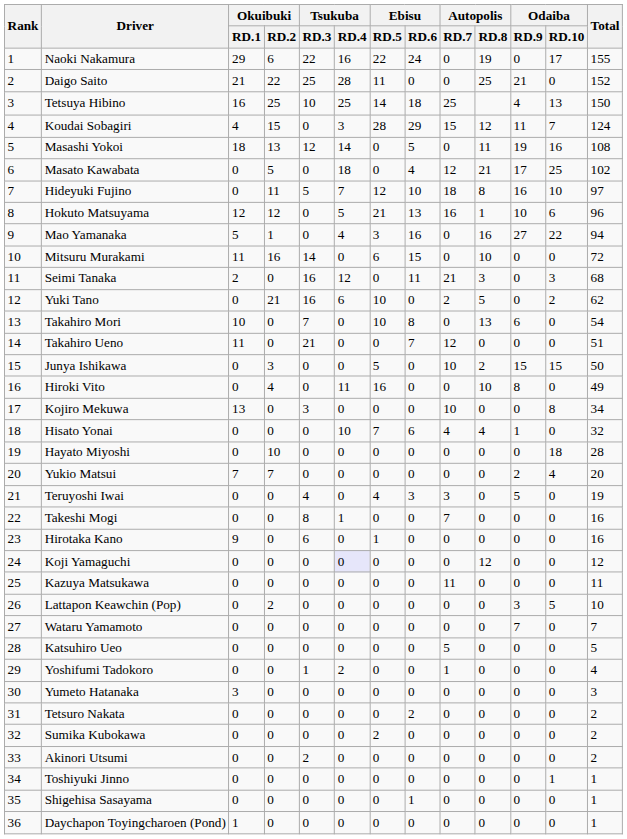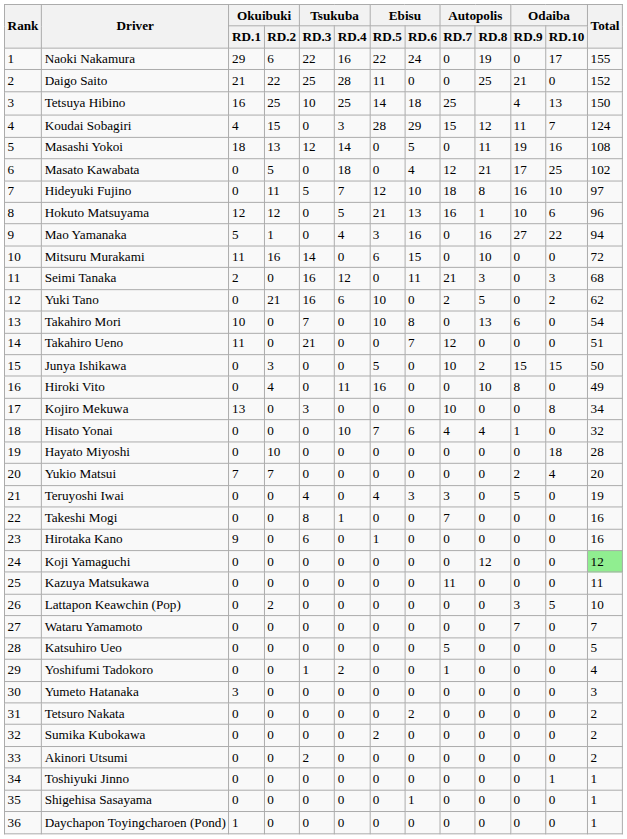 <table class="wikitable" style="font-size:85%">
 <tr>
 <th rowspan="2">Rank</th>
 <th rowspan="2">Driver</th>
 <th colspan="2">Okuibuki</th>
 <th colspan="2">Tsukuba</th>
 <th colspan="2">Ebisu</th>
 <th colspan="2">Autopolis</th>
 <th colspan="2">Odaiba</th>
 <th rowspan="2">Total</th>
 </tr>
 <tr>
 <th>RD.1</th>
 <th>RD.2</th>
 <th>RD.3</th>
 <th>RD.4</th>
 <th>RD.5</th>
 <th>RD.6</th>
 <th>RD.7</th>
 <th>RD.8</th>
 <th>RD.9</th>
 <th>RD.10</th>
 </tr>
 <tr>
 <td>1</td>
 <td>Naoki Nakamura</td>
 <td>29</td>
 <td>6</td>
 <td>22</td>
 <td>16</td>
 <td>22</td>
 <td>24</td>
 <td>0</td>
 <td>19</td>
 <td>0</td>
 <td>17</td>
 <td>155</td>
 </tr>
 <tr>
 <td>2</td>
 <td>Daigo Saito</td>
 <td>21</td>
 <td>22</td>
 <td>25</td>
 <td>28</td>
 <td>11</td>
 <td>0</td>
 <td>0</td>
 <td>25</td>
 <td>21</td>
 <td>0</td>
 <td>152</td>
 </tr>
 <tr>
 <td>3</td>
 <td>Tetsuya Hibino</td>
 <td>16</td>
 <td>25</td>
 <td>10</td>
 <td>25</td>
 <td>14</td>
 <td>18</td>
 <td>25</td>
 <td>　</td>
 <td>4</td>
 <td>13</td>
 <td>150</td>
 </tr>
 <tr>
 <td>4</td>
 <td>Koudai Sobagiri</td>
 <td>4</td>
 <td>15</td>
 <td>0</td>
 <td>3</td>
 <td>28</td>
 <td>29</td>
 <td>15</td>
 <td>12</td>
 <td>11</td>
 <td>7</td>
 <td>124</td>
 </tr>
 <tr>
 <td>5</td>
 <td>Masashi Yokoi</td>
 <td>18</td>
 <td>13</td>
 <td>12</td>
 <td>14</td>
 <td>0</td>
 <td>5</td>
 <td>0</td>
 <td>11</td>
 <td>19</td>
 <td>16</td>
 <td>108</td>
 </tr>
 <tr>
 <td>6</td>
 <td>Masato Kawabata</td>
 <td>0</td>
 <td>5</td>
 <td>0</td>
 <td>18</td>
 <td>0</td>
 <td>4</td>
 <td>12</td>
 <td>21</td>
 <td>17</td>
 <td>25</td>
 <td>102</td>
 </tr>
 <tr>
 <td>7</td>
 <td>Hideyuki Fujino</td>
 <td>0</td>
 <td>11</td>
 <td>5</td>
 <td>7</td>
 <td>12</td>
 <td>10</td>
 <td>18</td>
 <td>8</td>
 <td>16</td>
 <td>10</td>
 <td>97</td>
 </tr>
 <tr>
 <td>8</td>
 <td>Hokuto Matsuyama</td>
 <td>12</td>
 <td>12</td>
 <td>0</td>
 <td>5</td>
 <td>21</td>
 <td>13</td>
 <td>16</td>
 <td>1</td>
 <td>10</td>
 <td>6</td>
 <td>96</td>
 </tr>
 <tr>
 <td>9</td>
 <td>Mao Yamanaka</td>
 <td>5</td>
 <td>1</td>
 <td>0</td>
 <td>4</td>
 <td>3</td>
 <td>16</td>
 <td>0</td>
 <td>16</td>
 <td>27</td>
 <td>22</td>
 <td>94</td>
 </tr>
 <tr>
 <td>10</td>
 <td>Mitsuru Murakami</td>
 <td>11</td>
 <td>16</td>
 <td>14</td>
 <td>0</td>
 <td>6</td>
 <td>15</td>
 <td>0</td>
 <td>10</td>
 <td>0</td>
 <td>0</td>
 <td>72</td>
 </tr>
 <tr>
 <td>11</td>
 <td>Seimi Tanaka</td>
 <td>2</td>
 <td>0</td>
 <td>16</td>
 <td>12</td>
 <td>0</td>
 <td>11</td>
 <td>21</td>
 <td>3</td>
 <td>0</td>
 <td>3</td>
 <td>68</td>
 </tr>
 <tr>
 <td>12</td>
 <td>Yuki Tano</td>
 <td>0</td>
 <td>21</td>
 <td>16</td>
 <td>6</td>
 <td>10</td>
 <td>0</td>
 <td>2</td>
 <td>5</td>
 <td>0</td>
 <td>2</td>
 <td>62</td>
 </tr>
 <tr>
 <td>13</td>
 <td>Takahiro Mori</td>
 <td>10</td>
 <td>0</td>
 <td>7</td>
 <td>0</td>
 <td>10</td>
 <td>8</td>
 <td>0</td>
 <td>13</td>
 <td>6</td>
 <td>0</td>
 <td>54</td>
 </tr>
 <tr>
 <td>14</td>
 <td>Takahiro Ueno</td>
 <td>11</td>
 <td>0</td>
 <td>21</td>
 <td>0</td>
 <td>0</td>
 <td>7</td>
 <td>12</td>
 <td>0</td>
 <td>0</td>
 <td>0</td>
 <td>51</td>
 </tr>
 <tr>
 <td>15</td>
 <td>Junya Ishikawa</td>
 <td>0</td>
 <td>3</td>
 <td>0</td>
 <td>0</td>
 <td>5</td>
 <td>0</td>
 <td>10</td>
 <td>2</td>
 <td>15</td>
 <td>15</td>
 <td>50</td>
 </tr>
 <tr>
 <td>16</td>
 <td>Hiroki Vito</td>
 <td>0</td>
 <td>4</td>
 <td>0</td>
 <td>11</td>
 <td>16</td>
 <td>0</td>
 <td>0</td>
 <td>10</td>
 <td>8</td>
 <td>0</td>
 <td>49</td>
 </tr>
 <tr>
 <td>17</td>
 <td>Kojiro Mekuwa</td>
 <td>13</td>
 <td>0</td>
 <td>3</td>
 <td>0</td>
 <td>0</td>
 <td>0</td>
 <td>10</td>
 <td>0</td>
 <td>0</td>
 <td>8</td>
 <td>34</td>
 </tr>
 <tr>
 <td>18</td>
 <td>Hisato Yonai</td>
 <td>0</td>
 <td>0</td>
 <td>0</td>
 <td>10</td>
 <td>7</td>
 <td>6</td>
 <td>4</td>
 <td>4</td>
 <td>1</td>
 <td>0</td>
 <td>32</td>
 </tr>
 <tr>
 <td>19</td>
 <td>Hayato Miyoshi</td>
 <td>0</td>
 <td>10</td>
 <td>0</td>
 <td>0</td>
 <td>0</td>
 <td>0</td>
 <td>0</td>
 <td>0</td>
 <td>0</td>
 <td>18</td>
 <td>28</td>
 </tr>
 <tr>
 <td>20</td>
 <td>Yukio Matsui</td>
 <td>7</td>
 <td>7</td>
 <td>0</td>
 <td>0</td>
 <td>0</td>
 <td>0</td>
 <td>0</td>
 <td>0</td>
 <td>2</td>
 <td>4</td>
 <td>20</td>
 </tr>
 <tr>
 <td>21</td>
 <td>Teruyoshi Iwai</td>
 <td>0</td>
 <td>0</td>
 <td>4</td>
 <td>0</td>
 <td>4</td>
 <td>3</td>
 <td>3</td>
 <td>0</td>
 <td>5</td>
 <td>0</td>
 <td>19</td>
 </tr>
 <tr>
 <td>22</td>
 <td>Takeshi Mogi</td>
 <td>0</td>
 <td>0</td>
 <td>8</td>
 <td>1</td>
 <td>0</td>
 <td>0</td>
 <td>7</td>
 <td>0</td>
 <td>0</td>
 <td>0</td>
 <td>16</td>
 </tr>
 <tr>
 <td>23</td>
 <td>Hirotaka Kano</td>
 <td>9</td>
 <td>0</td>
 <td>6</td>
 <td>0</td>
 <td>1</td>
 <td>0</td>
 <td>0</td>
 <td>0</td>
 <td>0</td>
 <td>0</td>
 <td>16</td>
 </tr>
 <tr>
 <td>24</td>
 <td>Koji Yamaguchi</td>
 <td>0</td>
 <td>0</td>
 <td>0</td>
-<td style="background: lavender;">0</td>
+<td>0</td>
 <td>0</td>
 <td>0</td>
 <td>0</td>
 <td>12</td>
 <td>0</td>
 <td>0</td>
-<td>12</td>
+<td style="background: lightgreen;">12</td>
 </tr>
 <tr>
 <td>25</td>
 <td>Kazuya Matsukawa</td>
 <td>0</td>
 <td>0</td>
 <td>0</td>
 <td>0</td>
 <td>0</td>
 <td>0</td>
 <td>11</td>
 <td>0</td>
 <td>0</td>
 <td>0</td>
 <td>11</td>
 </tr>
 <tr>
 <td>26</td>
 <td>Lattapon Keawchin (Pop)</td>
 <td>0</td>
 <td>2</td>
 <td>0</td>
 <td>0</td>
 <td>0</td>
 <td>0</td>
 <td>0</td>
 <td>0</td>
 <td>3</td>
 <td>5</td>
 <td>10</td>
 </tr>
 <tr>
 <td>27</td>
 <td>Wataru Yamamoto</td>
 <td>0</td>
 <td>0</td>
 <td>0</td>
 <td>0</td>
 <td>0</td>
 <td>0</td>
 <td>0</td>
 <td>0</td>
 <td>7</td>
 <td>0</td>
 <td>7</td>
 </tr>
 <tr>
 <td>28</td>
 <td>Katsuhiro Ueo</td>
 <td>0</td>
 <td>0</td>
 <td>0</td>
 <td>0</td>
 <td>0</td>
 <td>0</td>
 <td>5</td>
 <td>0</td>
 <td>0</td>
 <td>0</td>
 <td>5</td>
 </tr>
 <tr>
 <td>29</td>
 <td>Yoshifumi Tadokoro</td>
 <td>0</td>
 <td>0</td>
 <td>1</td>
 <td>2</td>
 <td>0</td>
 <td>0</td>
 <td>1</td>
 <td>0</td>
 <td>0</td>
 <td>0</td>
 <td>4</td>
 </tr>
 <tr>
 <td>30</td>
 <td>Yumeto Hatanaka</td>
 <td>3</td>
 <td>0</td>
 <td>0</td>
 <td>0</td>
 <td>0</td>
 <td>0</td>
 <td>0</td>
 <td>0</td>
 <td>0</td>
 <td>0</td>
 <td>3</td>
 </tr>
 <tr>
 <td>31</td>
 <td>Tetsuro Nakata</td>
 <td>0</td>
 <td>0</td>
 <td>0</td>
 <td>0</td>
 <td>0</td>
 <td>2</td>
 <td>0</td>
 <td>0</td>
 <td>0</td>
 <td>0</td>
 <td>2</td>
 </tr>
 <tr>
 <td>32</td>
 <td>Sumika Kubokawa</td>
 <td>0</td>
 <td>0</td>
 <td>0</td>
 <td>0</td>
 <td>2</td>
 <td>0</td>
 <td>0</td>
 <td>0</td>
 <td>0</td>
 <td>0</td>
 <td>2</td>
 </tr>
 <tr>
 <td>33</td>
 <td>Akinori Utsumi</td>
 <td>0</td>
 <td>0</td>
 <td>2</td>
 <td>0</td>
 <td>0</td>
 <td>0</td>
 <td>0</td>
 <td>0</td>
 <td>0</td>
 <td>0</td>
 <td>2</td>
 </tr>
 <tr>
 <td>34</td>
 <td>Toshiyuki Jinno</td>
 <td>0</td>
 <td>0</td>
 <td>0</td>
 <td>0</td>
 <td>0</td>
 <td>0</td>
 <td>0</td>
 <td>0</td>
 <td>0</td>
 <td>1</td>
 <td>1</td>
 </tr>
 <tr>
 <td>35</td>
 <td>Shigehisa Sasayama</td>
 <td>0</td>
 <td>0</td>
 <td>0</td>
 <td>0</td>
 <td>0</td>
 <td>1</td>
 <td>0</td>
 <td>0</td>
 <td>0</td>
 <td>0</td>
 <td>1</td>
 </tr>
 <tr>
 <td>36</td>
 <td>Daychapon Toyingcharoen (Pond)</td>
 <td>1</td>
 <td>0</td>
 <td>0</td>
 <td>0</td>
 <td>0</td>
 <td>0</td>
 <td>0</td>
 <td>0</td>
 <td>0</td>
 <td>0</td>
 <td>1</td>
 </tr>
 </table>
